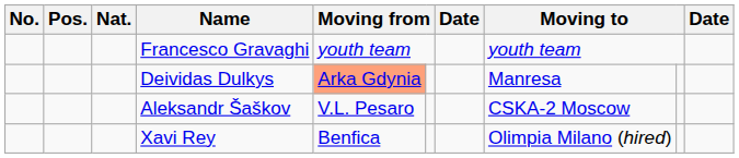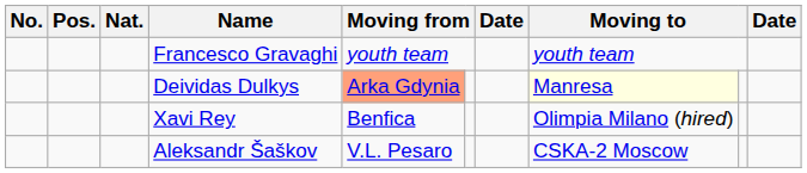 <table class="wikitable sortable">
 <tr>
 <th>No.</th>
 <th>Pos.</th>
 <th>Nat.</th>
 <th>Name</th>
 <th colspan=2>Moving from</th>
 <th>Date</th>
 <th colspan=2>Moving to</th>
 <th>Date</th>
 </tr>
 <tr>
 <td></td>
 <td></td>
 <td></td>
 <td><a href='#'>Francesco Gravaghi</a></td>
 <td colspan = 2><em><a href='#'>youth team</a></em></td>
 <td></td>
 <td colspan = 2><em><a href='#'>youth team</a></em></td>
 <td></td>
 </tr>
 <tr>
 <td></td>
 <td></td>
 <td></td>
 <td><a href='#'>Deividas Dulkys</a></td>
 <td style="background: lightsalmon;"><a href='#'>Arka Gdynia</a></td>
 <td></td>
 <td></td>
-<td><a href='#'>Manresa</a></td>
+<td style="background: lightyellow;"><a href='#'>Manresa</a></td>
+<td></td>
+<td></td>
+</tr>
+<tr>
+<td></td>
+<td></td>
+<td></td>
+<td><a href='#'>Xavi Rey</a></td>
+<td><a href='#'>Benfica</a></td>
+<td></td>
+<td></td>
+<td><a href='#'>Olimpia Milano</a> (<em>hired</em>)</td>
 <td></td>
 <td></td>
 </tr>
 <tr>
 <td></td>
 <td></td>
 <td></td>
 <td><a href='#'>Aleksandr Šaškov</a></td>
 <td><a href='#'>V.L. Pesaro</a></td>
 <td></td>
 <td></td>
 <td><a href='#'>CSKA-2 Moscow</a></td>
 <td></td>
 <td></td>
 </tr>
-<tr>
-<td></td>
-<td></td>
-<td></td>
-<td><a href='#'>Xavi Rey</a></td>
-<td><a href='#'>Benfica</a></td>
-<td></td>
-<td></td>
-<td><a href='#'>Olimpia Milano</a> (<em>hired</em>)</td>
-<td></td>
-<td></td>
-</tr>
 </table>
